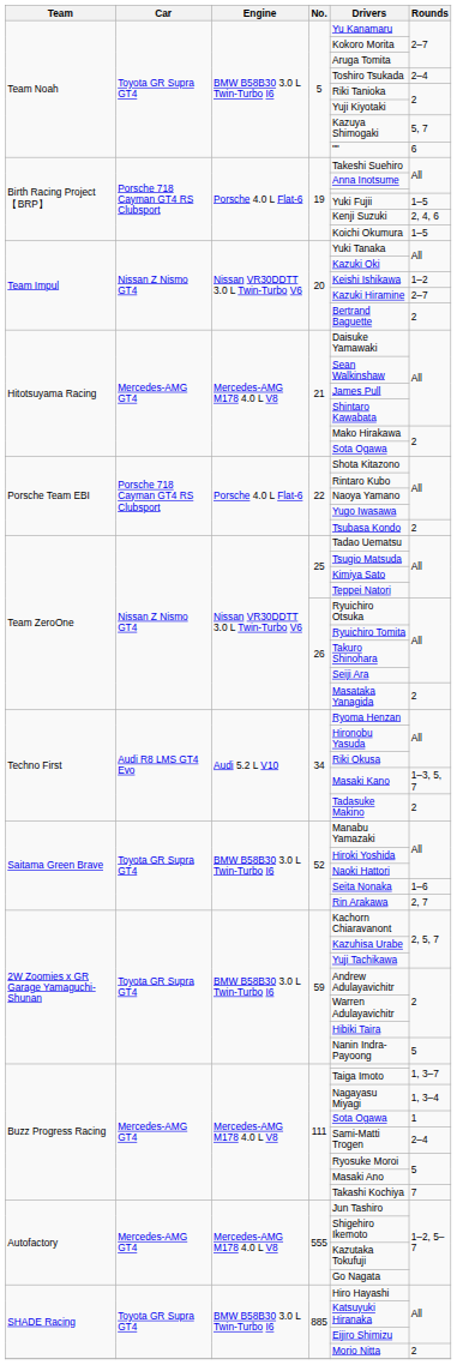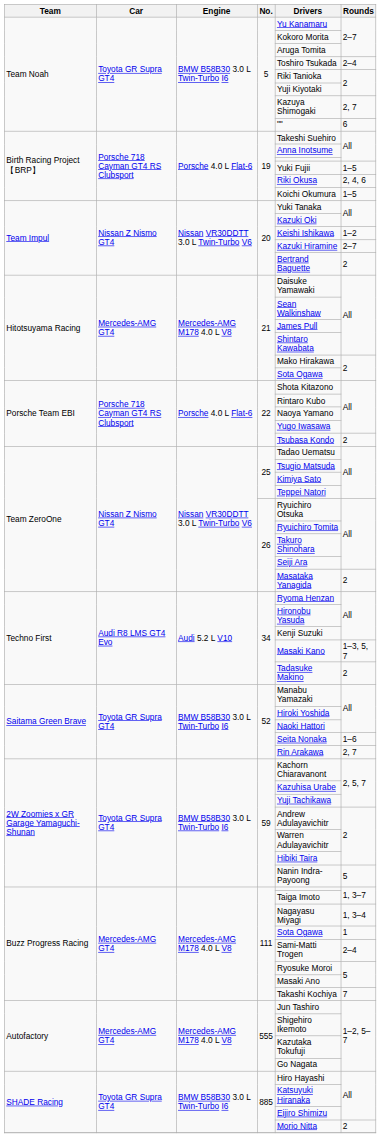 <table class="wikitable" style="font-size: 85%">
 <tr>
 <th>Team</th>
 <th>Car</th>
 <th>Engine</th>
 <th>No.</th>
 <th>Drivers</th>
 <th>Rounds</th>
 </tr>
 <tr>
 <td rowspan="8"> Team Noah</td>
 <td rowspan="8"><a href='#'>Toyota GR Supra GT4</a></td>
 <td rowspan="8"><a href='#'>BMW B58B30</a> 3.0 L <a href='#'>Twin-Turbo</a> <a href='#'>I6</a></td>
 <td align="center" rowspan="8">5</td>
 <td> <a href='#'>Yu Kanamaru</a></td>
 <td rowspan="3">2–7</td>
 </tr>
 <tr>
 <td> Kokoro Morita</td>
 </tr>
 <tr>
 <td> Aruga Tomita</td>
 </tr>
 <tr>
 <td> Toshiro Tsukada</td>
 <td>2–4</td>
 </tr>
 <tr>
 <td> Riki Tanioka</td>
 <td rowspan="2">2</td>
 </tr>
 <tr>
 <td> Yuji Kiyotaki</td>
 </tr>
 <tr>
 <td> Kazuya Shimogaki</td>
-<td>5, 7</td>
+<td>2, 7</td>
 </tr>
 <tr>
 <td> ""</td>
 <td>6</td>
 </tr>
 <tr>
 <td rowspan="6"> Birth Racing Project 【BRP】</td>
 <td rowspan="6"><a href='#'>Porsche 718 Cayman GT4 RS Clubsport</a></td>
 <td rowspan="6"><a href='#'>Porsche</a> 4.0 L <a href='#'>Flat-6</a></td>
 <td align="center" rowspan="6">19</td>
 <td> Takeshi Suehiro</td>
 <td rowspan="3">All</td>
 </tr>
 <tr>
 <td> <a href='#'>Anna Inotsume</a></td>
 </tr>
 <tr>
 <td> </td>
 </tr>
 <tr>
 <td> Yuki Fujii</td>
 <td>1–5</td>
 </tr>
 <tr>
-<td> Kenji Suzuki</td>
+<td> <a href='#'>Riki Okusa</a></td>
 <td>2, 4, 6</td>
 </tr>
 <tr>
 <td> Koichi Okumura</td>
 <td>1–5</td>
 </tr>
 <tr>
 <td rowspan="5"> <a href='#'>Team Impul</a></td>
 <td rowspan="5"><a href='#'>Nissan Z Nismo GT4</a></td>
 <td rowspan="5"><a href='#'>Nissan</a> <a href='#'>VR30DDTT</a> 3.0 L <a href='#'>Twin-Turbo</a> <a href='#'>V6</a></td>
 <td align="center" rowspan="5">20</td>
 <td> Yuki Tanaka</td>
 <td rowspan="2">All</td>
 </tr>
 <tr>
 <td> <a href='#'>Kazuki Oki</a></td>
 </tr>
 <tr>
 <td> <a href='#'>Keishi Ishikawa</a></td>
 <td>1–2</td>
 </tr>
 <tr>
 <td> <a href='#'>Kazuki Hiramine</a></td>
 <td>2–7</td>
 </tr>
 <tr>
 <td> <a href='#'>Bertrand Baguette</a></td>
 <td>2</td>
 </tr>
 <tr>
 <td rowspan="6"> Hitotsuyama Racing</td>
 <td rowspan="6"><a href='#'>Mercedes-AMG GT4</a></td>
 <td rowspan="6"><a href='#'>Mercedes-AMG</a> <a href='#'>M178</a> 4.0 L <a href='#'>V8</a></td>
 <td align="center" rowspan="6">21</td>
 <td> Daisuke Yamawaki</td>
 <td rowspan="4">All</td>
 </tr>
 <tr>
 <td> <a href='#'>Sean Walkinshaw</a></td>
 </tr>
 <tr>
 <td> <a href='#'>James Pull</a></td>
 </tr>
 <tr>
 <td> <a href='#'>Shintaro Kawabata</a></td>
 </tr>
 <tr>
 <td> Mako Hirakawa</td>
 <td rowspan="2">2</td>
 </tr>
 <tr>
 <td> <a href='#'>Sota Ogawa</a></td>
 </tr>
 <tr>
 <td rowspan="5">  Porsche Team EBI</td>
 <td rowspan="5"><a href='#'>Porsche 718 Cayman GT4 RS Clubsport</a></td>
 <td rowspan="5"><a href='#'>Porsche</a> 4.0 L <a href='#'>Flat-6</a></td>
 <td align="center" rowspan="5">22</td>
 <td> Shota Kitazono</td>
 <td rowspan="4">All</td>
 </tr>
 <tr>
 <td> Rintaro Kubo</td>
 </tr>
 <tr>
 <td> Naoya Yamano</td>
 </tr>
 <tr>
 <td> <a href='#'>Yugo Iwasawa</a></td>
 </tr>
 <tr>
 <td> <a href='#'>Tsubasa Kondo</a></td>
 <td>2</td>
 </tr>
 <tr>
 <td rowspan="9"> Team ZeroOne</td>
 <td rowspan="9"><a href='#'>Nissan Z Nismo GT4</a></td>
 <td rowspan="9"><a href='#'>Nissan</a> <a href='#'>VR30DDTT</a> 3.0 L <a href='#'>Twin-Turbo</a> <a href='#'>V6</a></td>
 <td align="center" rowspan="4">25</td>
 <td> Tadao Uematsu</td>
 <td rowspan="4">All</td>
 </tr>
 <tr>
 <td> <a href='#'>Tsugio Matsuda</a></td>
 </tr>
 <tr>
 <td> <a href='#'>Kimiya Sato</a></td>
 </tr>
 <tr>
 <td> <a href='#'>Teppei Natori</a></td>
 </tr>
 <tr>
 <td align="center" rowspan="5">26</td>
 <td> Ryuichiro Otsuka</td>
 <td rowspan="4">All</td>
 </tr>
 <tr>
 <td> <a href='#'>Ryuichiro Tomita</a></td>
 </tr>
 <tr>
 <td> <a href='#'>Takuro Shinohara</a></td>
 </tr>
 <tr>
 <td> <a href='#'>Seiji Ara</a></td>
 </tr>
 <tr>
 <td> <a href='#'>Masataka Yanagida</a></td>
 <td>2</td>
 </tr>
 <tr>
 <td rowspan="5"> Techno First</td>
 <td rowspan="5"><a href='#'>Audi R8 LMS GT4 Evo</a></td>
 <td rowspan="5"><a href='#'>Audi</a> 5.2 L <a href='#'>V10</a></td>
 <td align="center" rowspan="5">34</td>
 <td> <a href='#'>Ryoma Henzan</a></td>
 <td rowspan="3">All</td>
 </tr>
 <tr>
 <td> <a href='#'>Hironobu Yasuda</a></td>
 </tr>
 <tr>
-<td> <a href='#'>Riki Okusa</a></td>
+<td> Kenji Suzuki</td>
 </tr>
 <tr>
 <td> <a href='#'>Masaki Kano</a></td>
 <td>1–3, 5, 7</td>
 </tr>
 <tr>
 <td> <a href='#'>Tadasuke Makino</a></td>
 <td>2</td>
 </tr>
 <tr>
 <td rowspan="5"> <a href='#'>Saitama Green Brave</a></td>
 <td rowspan="5"><a href='#'>Toyota GR Supra GT4</a></td>
 <td rowspan="5"><a href='#'>BMW B58B30</a> 3.0 L <a href='#'>Twin-Turbo</a> <a href='#'>I6</a></td>
 <td align="center" rowspan="5">52</td>
 <td> Manabu Yamazaki</td>
 <td rowspan="3">All</td>
 </tr>
 <tr>
 <td> <a href='#'>Hiroki Yoshida</a></td>
 </tr>
 <tr>
 <td> <a href='#'>Naoki Hattori</a></td>
 </tr>
 <tr>
 <td> <a href='#'>Seita Nonaka</a></td>
 <td>1–6</td>
 </tr>
 <tr>
 <td> <a href='#'>Rin Arakawa</a></td>
 <td>2, 7</td>
 </tr>
 <tr>
 <td rowspan="7"> <a href='#'>2W Zoomies x GR Garage Yamaguchi-Shunan</a></td>
 <td rowspan="7"><a href='#'>Toyota GR Supra GT4</a></td>
 <td rowspan="7"><a href='#'>BMW B58B30</a> 3.0 L <a href='#'>Twin-Turbo</a> <a href='#'>I6</a></td>
 <td align="center" rowspan="7">59</td>
 <td> Kachorn Chiaravanont</td>
 <td rowspan="3">2, 5, 7</td>
 </tr>
 <tr>
 <td> <a href='#'>Kazuhisa Urabe</a></td>
 </tr>
 <tr>
 <td> <a href='#'>Yuji Tachikawa</a></td>
 </tr>
 <tr>
 <td> Andrew Adulayavichitr</td>
 <td rowspan="3">2</td>
 </tr>
 <tr>
 <td> Warren Adulayavichitr</td>
 </tr>
 <tr>
 <td> <a href='#'>Hibiki Taira</a></td>
 </tr>
 <tr>
 <td> Nanin Indra-Payoong</td>
 <td>5</td>
 </tr>
 <tr>
 <td rowspan="8"> Buzz Progress Racing</td>
 <td rowspan="8"><a href='#'>Mercedes-AMG GT4</a></td>
 <td rowspan="8"><a href='#'>Mercedes-AMG</a> <a href='#'>M178</a> 4.0 L <a href='#'>V8</a></td>
 <td align="center" rowspan="8">111</td>
 <td> </td>
 <td rowspan="2">1, 3–7</td>
 </tr>
 <tr>
 <td> Taiga Imoto</td>
 </tr>
 <tr>
 <td> Nagayasu Miyagi</td>
 <td>1, 3–4</td>
 </tr>
 <tr>
 <td> <a href='#'>Sota Ogawa</a></td>
 <td>1</td>
 </tr>
 <tr>
 <td> Sami-Matti Trogen</td>
 <td>2–4</td>
 </tr>
 <tr>
 <td> Ryosuke Moroi</td>
 <td rowspan="2">5</td>
 </tr>
 <tr>
 <td> Masaki Ano</td>
 </tr>
 <tr>
 <td> Takashi Kochiya</td>
 <td>7</td>
 </tr>
 <tr>
 <td rowspan="4"> Autofactory</td>
 <td rowspan="4"><a href='#'>Mercedes-AMG GT4</a></td>
 <td rowspan="4"><a href='#'>Mercedes-AMG</a> <a href='#'>M178</a> 4.0 L <a href='#'>V8</a></td>
 <td align="center" rowspan="4">555</td>
 <td> Jun Tashiro</td>
 <td rowspan="4">1–2, 5–7</td>
 </tr>
 <tr>
 <td> Shigehiro Ikemoto</td>
 </tr>
 <tr>
 <td> Kazutaka Tokufuji</td>
 </tr>
 <tr>
 <td> Go Nagata</td>
 </tr>
 <tr>
 <td rowspan="4"> <a href='#'>SHADE Racing</a></td>
 <td rowspan="4"><a href='#'>Toyota GR Supra GT4</a></td>
 <td rowspan="4"><a href='#'>BMW B58B30</a> 3.0 L <a href='#'>Twin-Turbo</a> <a href='#'>I6</a></td>
 <td align="center" rowspan="4">885</td>
 <td> Hiro Hayashi</td>
 <td rowspan="3">All</td>
 </tr>
 <tr>
 <td> <a href='#'>Katsuyuki Hiranaka</a></td>
 </tr>
 <tr>
 <td> <a href='#'>Eijiro Shimizu</a></td>
 </tr>
 <tr>
 <td> <a href='#'>Morio Nitta</a></td>
 <td>2</td>
 </tr>
 <tr>
 </tr>
 </table>
